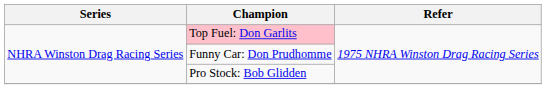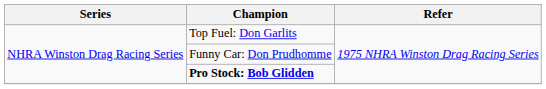 <table class="wikitable" style="font-size:87%;">
 <tr>
 <th>Series</th>
 <th>Champion</th>
 <th>Refer</th>
 </tr>
 <tr>
 <td rowspan=3><a href='#'>NHRA Winston Drag Racing Series</a></td>
-<td style="background: pink;">Top Fuel:  <a href='#'>Don Garlits</a></td>
+<td>Top Fuel:  <a href='#'>Don Garlits</a></td>
 <td rowspan=3><em><a href='#'>1975 NHRA Winston Drag Racing Series</a></em></td>
 </tr>
 <tr>
 <td>Funny Car:  <a href='#'>Don Prudhomme</a></td>
 </tr>
 <tr>
-<td>Pro Stock:  <a href='#'>Bob Glidden</a></td>
+<td><strong>Pro Stock:  <a href='#'>Bob Glidden</a></strong></td>
 </tr>
 <tr>
 </tr>
 </table>
